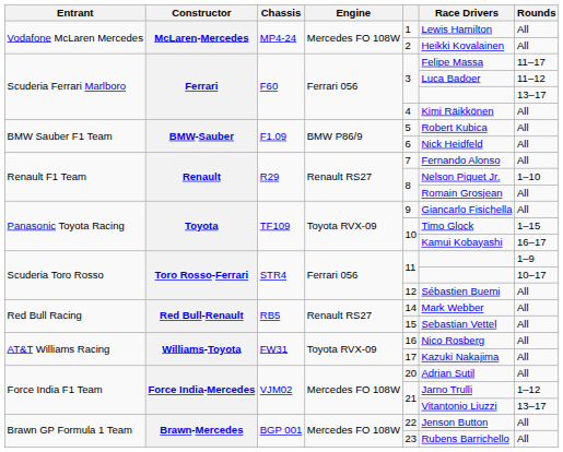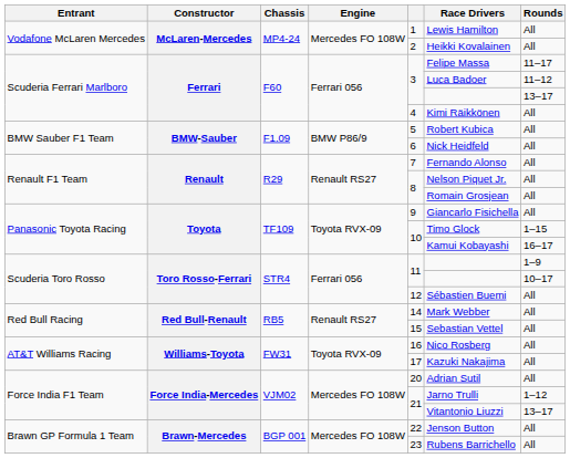 <table class="wikitable sortable" style="font-size:85%">
 <tr>
 <th>Entrant</th>
 <th>Constructor</th>
 <th>Chassis</th>
 <th>Engine</th>
 <th></th>
 <th>Race Drivers</th>
 <th>Rounds</th>
 </tr>
 <tr>
 <td rowspan=2 nowrap> <a href='#'>Vodafone</a> McLaren Mercedes</td>
 <th rowspan=2><a href='#'>McLaren</a>-<a href='#'>Mercedes</a></th>
 <td rowspan=2><a href='#'>MP4-24</a></td>
 <td rowspan=2>Mercedes FO 108W</td>
 <td>1</td>
 <td> <a href='#'>Lewis Hamilton</a></td>
 <td>All</td>
 </tr>
 <tr>
 <td>2</td>
 <td> <a href='#'>Heikki Kovalainen</a></td>
 <td>All</td>
 </tr>
 <tr>
 <td rowspan=4> Scuderia Ferrari <a href='#'>Marlboro</a></td>
 <th rowspan=4><a href='#'>Ferrari</a></th>
 <td rowspan=4><a href='#'>F60</a></td>
 <td rowspan=4>Ferrari 056</td>
 <td rowspan=3>3</td>
 <td> <a href='#'>Felipe Massa</a></td>
 <td>11–17</td>
 </tr>
 <tr>
 <td> <a href='#'>Luca Badoer</a></td>
 <td>11–12</td>
 </tr>
 <tr>
 <td></td>
 <td>13–17</td>
 </tr>
 <tr>
 <td>4</td>
 <td> <a href='#'>Kimi Räikkönen</a></td>
 <td>All</td>
 </tr>
 <tr>
 <td rowspan=2> BMW Sauber F1 Team</td>
 <th rowspan=2><a href='#'>BMW</a>-<a href='#'>Sauber</a></th>
 <td rowspan=2><a href='#'>F1.09</a></td>
 <td rowspan=2>BMW P86/9</td>
 <td>5</td>
 <td> <a href='#'>Robert Kubica</a></td>
 <td>All</td>
 </tr>
 <tr>
 <td>6</td>
 <td> <a href='#'>Nick Heidfeld</a></td>
 <td>All</td>
 </tr>
 <tr>
 <td rowspan=3> Renault F1 Team</td>
 <th rowspan=3><a href='#'>Renault</a></th>
 <td rowspan=3><a href='#'>R29</a></td>
 <td rowspan=3>Renault RS27</td>
 <td>7</td>
 <td> <a href='#'>Fernando Alonso</a></td>
 <td>All</td>
 </tr>
 <tr>
 <td rowspan=2>8</td>
 <td> <a href='#'>Nelson Piquet Jr.</a></td>
-<td>1–10</td>
+<td>All</td>
 </tr>
 <tr>
 <td> <a href='#'>Romain Grosjean</a></td>
 <td>All</td>
 </tr>
 <tr>
 <td rowspan=3> <a href='#'>Panasonic</a> Toyota Racing</td>
 <th rowspan=3><a href='#'>Toyota</a></th>
 <td rowspan=3><a href='#'>TF109</a></td>
 <td rowspan=3>Toyota RVX-09</td>
 <td>9</td>
 <td> <a href='#'>Giancarlo Fisichella</a></td>
 <td>All</td>
 </tr>
 <tr>
 <td rowspan=2>10</td>
 <td> <a href='#'>Timo Glock</a></td>
 <td>1–15</td>
 </tr>
 <tr>
 <td> <a href='#'>Kamui Kobayashi</a></td>
 <td>16–17</td>
 </tr>
 <tr>
 <td rowspan=3> Scuderia Toro Rosso</td>
 <th rowspan=3><a href='#'>Toro Rosso</a>-<a href='#'>Ferrari</a></th>
 <td rowspan=3><a href='#'>STR4</a></td>
 <td rowspan=3>Ferrari 056</td>
 <td rowspan=2>11</td>
 <td></td>
 <td>1–9</td>
 </tr>
 <tr>
 <td></td>
 <td>10–17</td>
 </tr>
 <tr>
 <td>12</td>
 <td> <a href='#'>Sébastien Buemi</a></td>
 <td>All</td>
 </tr>
 <tr>
 <td rowspan=2> Red Bull Racing</td>
 <th rowspan=2><a href='#'>Red Bull</a>-<a href='#'>Renault</a></th>
 <td rowspan=2><a href='#'>RB5</a></td>
 <td rowspan=2>Renault RS27</td>
 <td>14</td>
 <td> <a href='#'>Mark Webber</a></td>
 <td>All</td>
 </tr>
 <tr>
 <td>15</td>
 <td> <a href='#'>Sebastian Vettel</a></td>
 <td>All</td>
 </tr>
 <tr>
 <td rowspan=2> <a href='#'>AT&T</a> Williams Racing</td>
 <th rowspan=2><a href='#'>Williams</a>-<a href='#'>Toyota</a></th>
 <td rowspan=2><a href='#'>FW31</a></td>
 <td rowspan=2>Toyota RVX-09</td>
 <td>16</td>
 <td> <a href='#'>Nico Rosberg</a></td>
 <td>All</td>
 </tr>
 <tr>
 <td>17</td>
 <td> <a href='#'>Kazuki Nakajima</a></td>
 <td>All</td>
 </tr>
 <tr>
 <td rowspan=3> Force India F1 Team</td>
 <th rowspan=3><a href='#'>Force India</a>-<a href='#'>Mercedes</a></th>
 <td rowspan=3><a href='#'>VJM02</a></td>
 <td rowspan=3>Mercedes FO 108W</td>
 <td>20</td>
 <td> <a href='#'>Adrian Sutil</a></td>
 <td>All</td>
 </tr>
 <tr>
 <td rowspan=2>21</td>
 <td> <a href='#'>Jarno Trulli</a></td>
 <td>1–12</td>
 </tr>
 <tr>
 <td> <a href='#'>Vitantonio Liuzzi</a></td>
 <td>13–17</td>
 </tr>
 <tr>
 <td rowspan=2> Brawn GP Formula 1 Team</td>
 <th rowspan=2><a href='#'>Brawn</a>-<a href='#'>Mercedes</a></th>
 <td rowspan=2><a href='#'>BGP 001</a></td>
 <td rowspan=2>Mercedes FO 108W</td>
 <td>22</td>
 <td> <a href='#'>Jenson Button</a></td>
 <td>All</td>
 </tr>
 <tr>
 <td>23</td>
 <td> <a href='#'>Rubens Barrichello</a></td>
 <td>All</td>
 </tr>
 </table>
